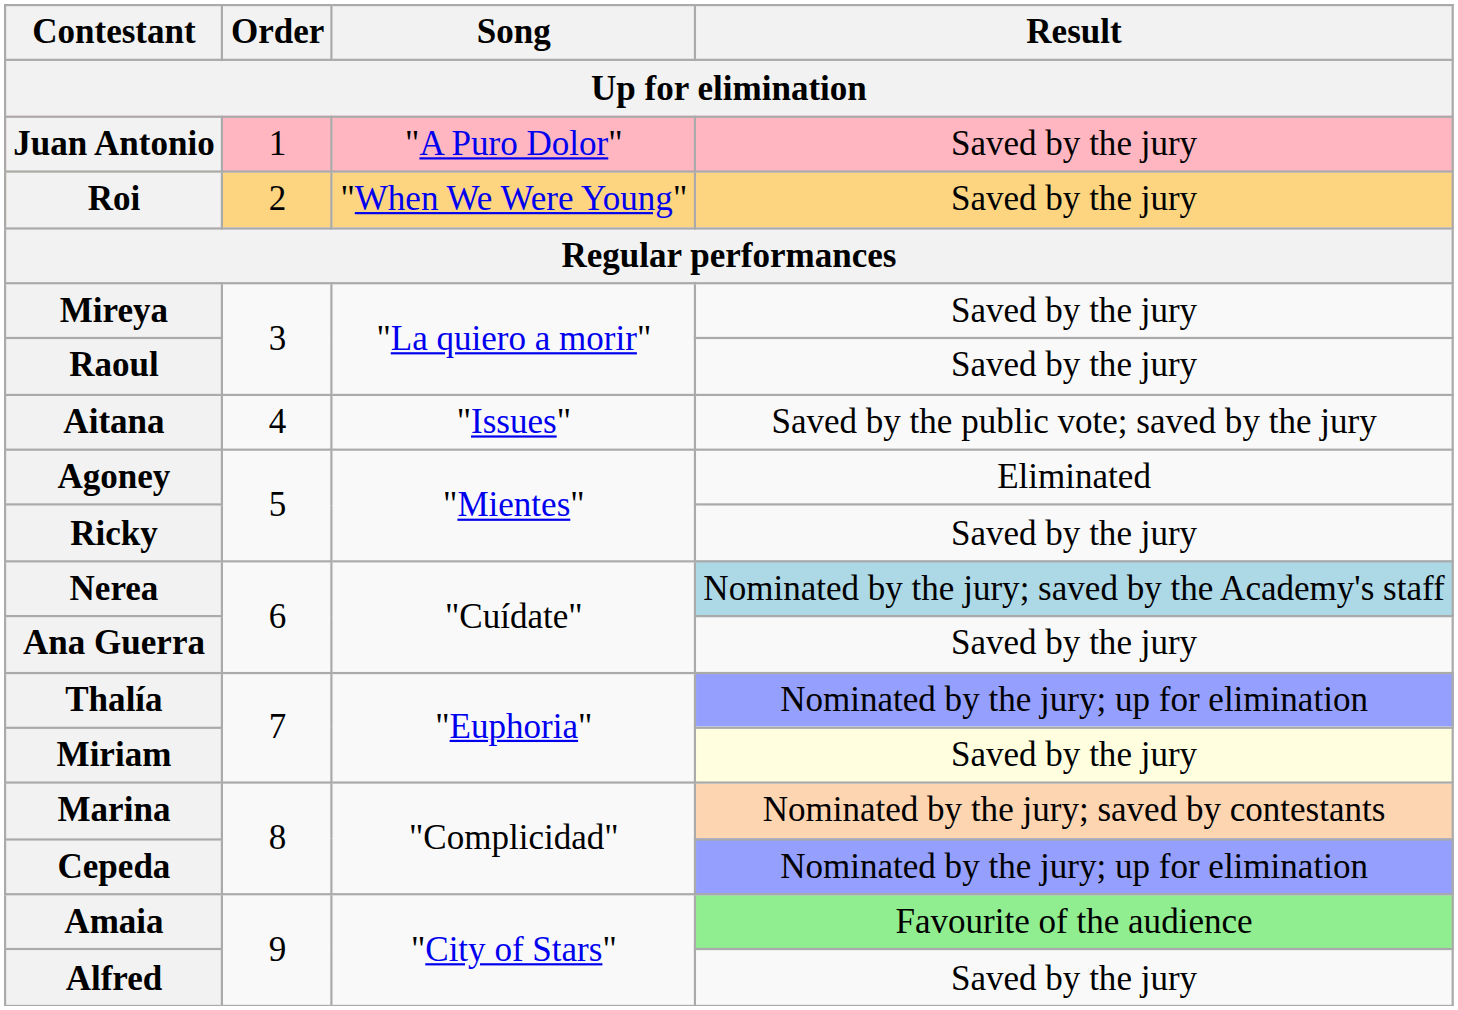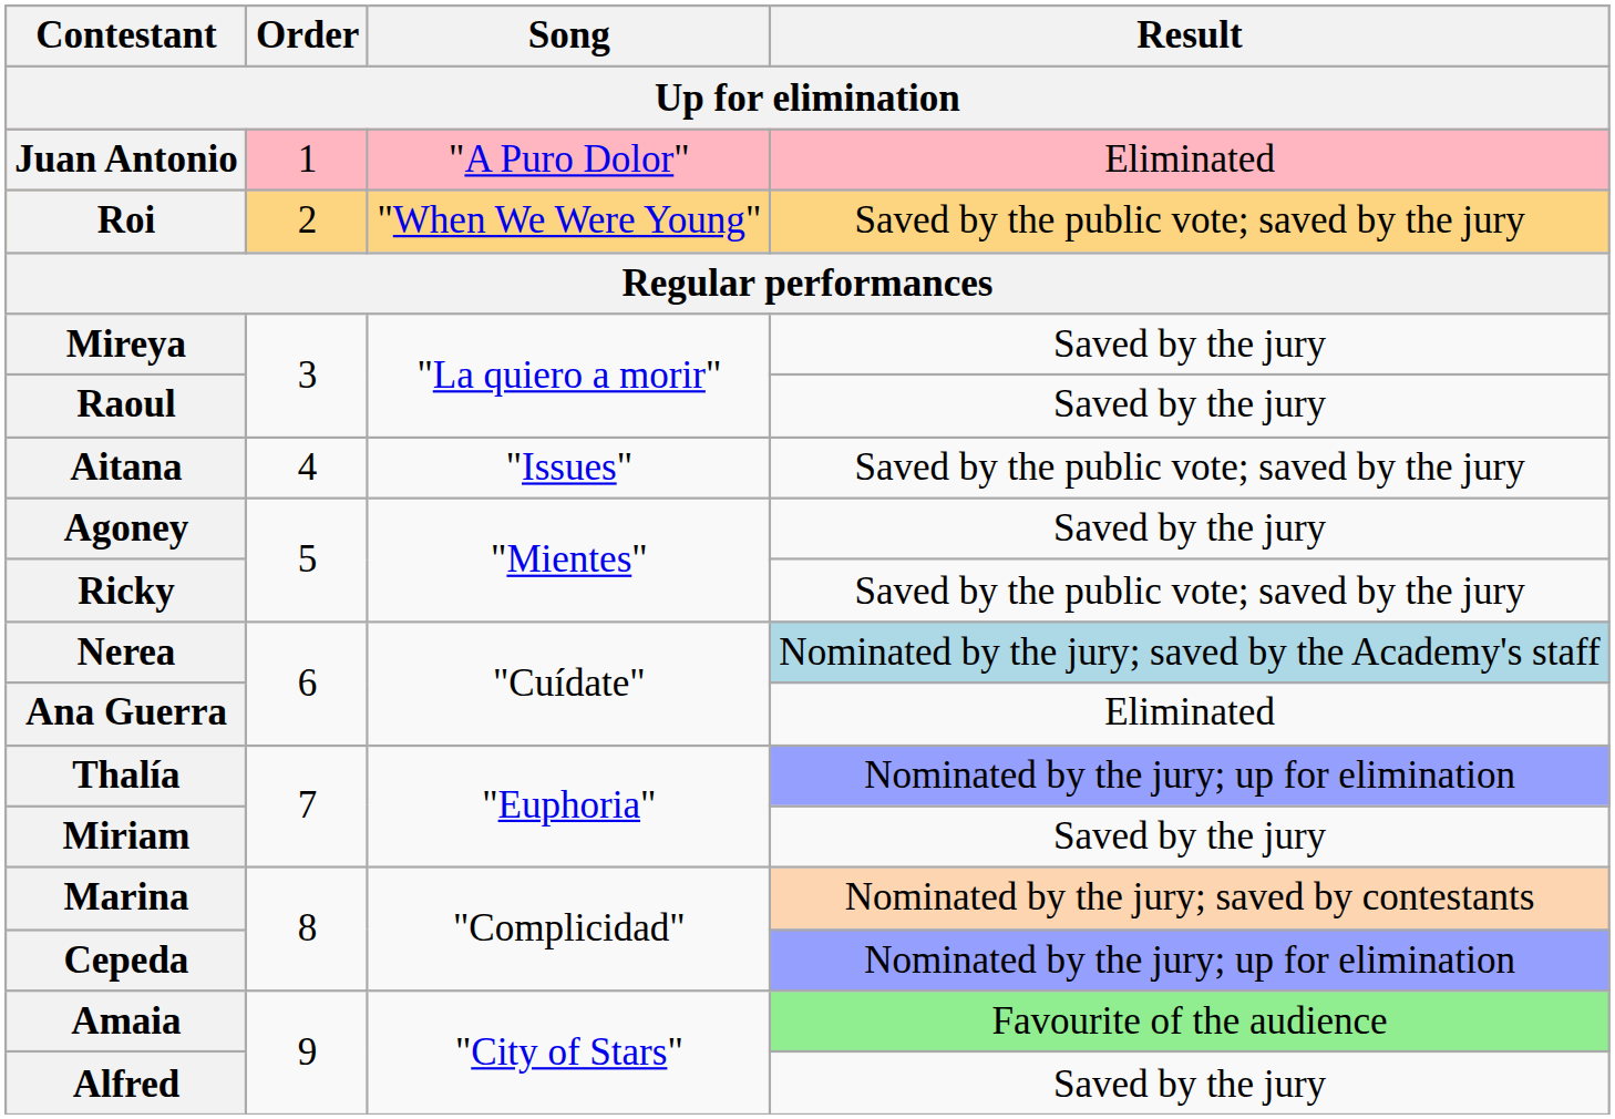 <table class="wikitable plainrowheaders" style="text-align:center;">
 <tr>
 <th scope="col">Contestant</th>
 <th scope="col">Order</th>
 <th scope="col">Song</th>
 <th scope="col">Result</th>
 </tr>
 <tr>
 <th colspan="4">Up for elimination</th>
 </tr>
 <tr style="background:lightpink">
 <th scope="row">Juan Antonio</th>
 <td>1</td>
 <td>"<a href='#'>A Puro Dolor</a>"</td>
-<td>Saved by the jury</td>
+<td>Eliminated</td>
 </tr>
 <tr style="background:#fdd581;">
 <th scope="row">Roi</th>
 <td>2</td>
 <td>"<a href='#'>When We Were Young</a>"</td>
-<td>Saved by the jury</td>
+<td>Saved by the public vote; saved by the jury</td>
 </tr>
 <tr>
 <th colspan="4">Regular performances</th>
 </tr>
 <tr>
 <th scope="row">Mireya</th>
 <td rowspan="2">3</td>
 <td rowspan="2">"<a href='#'>La quiero a morir</a>"</td>
 <td>Saved by the jury</td>
 </tr>
 <tr>
 <th scope="row">Raoul</th>
 <td>Saved by the jury</td>
 </tr>
 <tr>
 <th scope="row">Aitana</th>
 <td>4</td>
 <td>"<a href='#'>Issues</a>"</td>
 <td>Saved by the public vote; saved by the jury</td>
 </tr>
 <tr>
 <th scope="row">Agoney</th>
 <td rowspan="2">5</td>
 <td rowspan="2">"<a href='#'>Mientes</a>"</td>
-<td>Eliminated</td>
+<td>Saved by the jury</td>
 </tr>
 <tr>
 <th scope="row">Ricky</th>
-<td>Saved by the jury</td>
+<td>Saved by the public vote; saved by the jury</td>
 </tr>
 <tr>
 <th scope="row">Nerea</th>
 <td rowspan="2">6</td>
 <td rowspan="2">"Cuídate"</td>
 <td style="background:lightblue;">Nominated by the jury; saved by the Academy's staff</td>
 </tr>
 <tr>
 <th scope="row">Ana Guerra</th>
-<td>Saved by the jury</td>
+<td>Eliminated</td>
 </tr>
 <tr>
 <th scope="row">Thalía</th>
 <td rowspan="2">7</td>
 <td rowspan="2">"<a href='#'>Euphoria</a>"</td>
 <td style="background:#959ffd;">Nominated by the jury; up for elimination</td>
 </tr>
 <tr>
 <th scope="row">Miriam</th>
-<td style="background: lightyellow;">Saved by the jury</td>
+<td>Saved by the jury</td>
 </tr>
 <tr>
 <th scope="row">Marina</th>
 <td rowspan="2">8</td>
 <td rowspan="2">"Complicidad"</td>
 <td style="background:#fdd5b1;">Nominated by the jury; saved by contestants</td>
 </tr>
 <tr>
 <th scope="row">Cepeda</th>
 <td style="background:#959ffd;">Nominated by the jury; up for elimination</td>
 </tr>
 <tr>
 <th scope="row">Amaia</th>
 <td rowspan="2">9</td>
 <td rowspan="2">"<a href='#'>City of Stars</a>"</td>
 <td style="background:lightgreen">Favourite of the audience</td>
 </tr>
 <tr>
 <th scope="row">Alfred</th>
 <td>Saved by the jury</td>
 </tr>
 </table>
